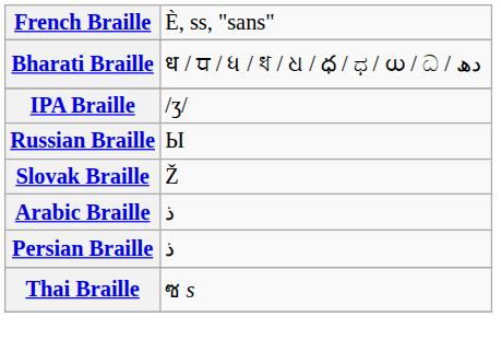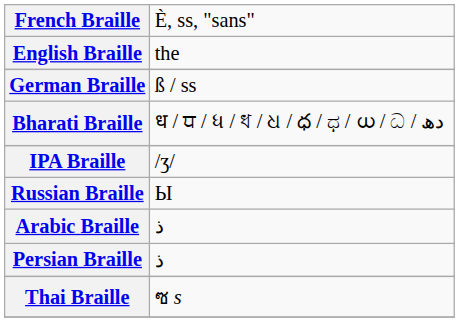 <table class="wikitable">
 <tr>
 <th align=left><a href='#'>French Braille</a></th>
 <td>È, ss, "sans"</td>
 </tr>
 <tr>
+<th align=left><a href='#'>English Braille</a></th>
+<td>the</td>
+</tr>
+<tr>
+</tr>
+<tr>
+<th align=left><a href='#'>German Braille</a></th>
+<td>ß / ss</td>
 </tr>
 <tr>
 <th align=left><a href='#'>Bharati Braille</a></th>
 <td>ध / ਧ / ધ / ধ / ଧ / ధ / ಧ / ധ / ධ / دھ ‎</td>
 </tr>
 <tr>
 </tr>
 <tr>
 <th align=left><a href='#'>IPA Braille</a></th>
 <td>/ʒ/</td>
 </tr>
 <tr>
 <th align=left><a href='#'>Russian Braille</a></th>
 <td>Ы</td>
-</tr>
-<tr>
-<th align=left><a href='#'>Slovak Braille</a></th>
-<td>Ž</td>
 </tr>
 <tr>
 <th align=left><a href='#'>Arabic Braille</a></th>
 <td>ذ</td>
 </tr>
 <tr>
 <th align=left><a href='#'>Persian Braille</a></th>
 <td>ذ</td>
 </tr>
 <tr>
 </tr>
 <tr>
 <th align=left><a href='#'>Thai Braille</a></th>
 <td>ซ <em>s</em></td>
 </tr>
 <tr>
 </tr>
 </table>
